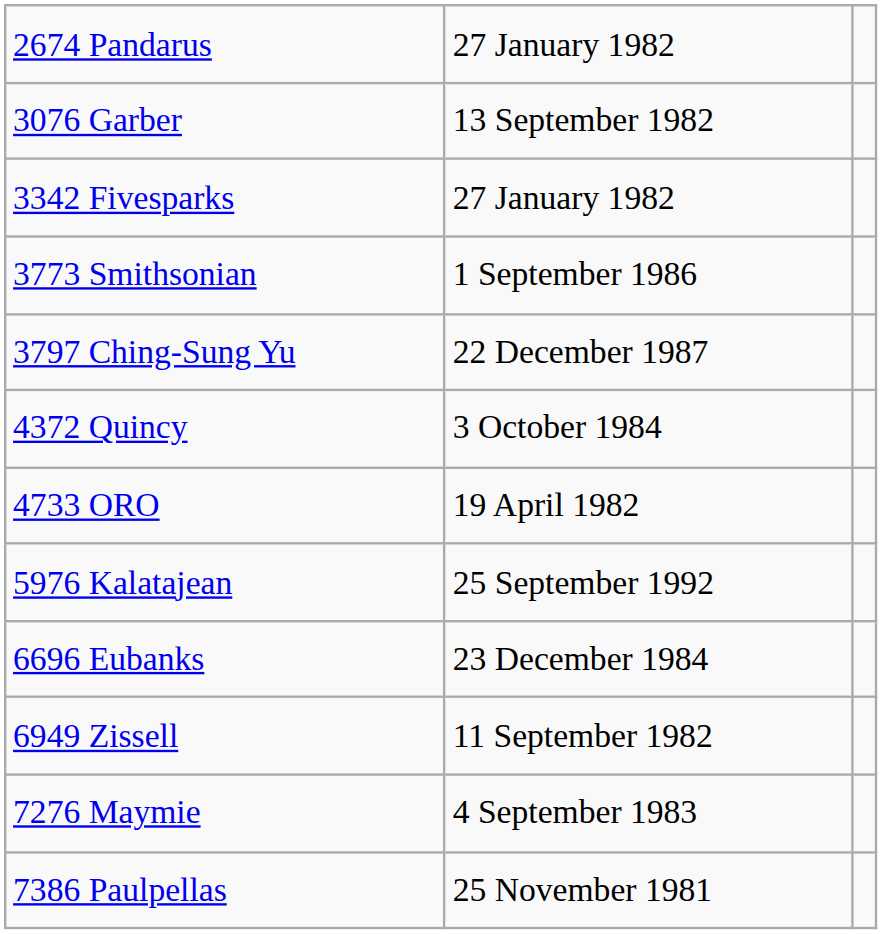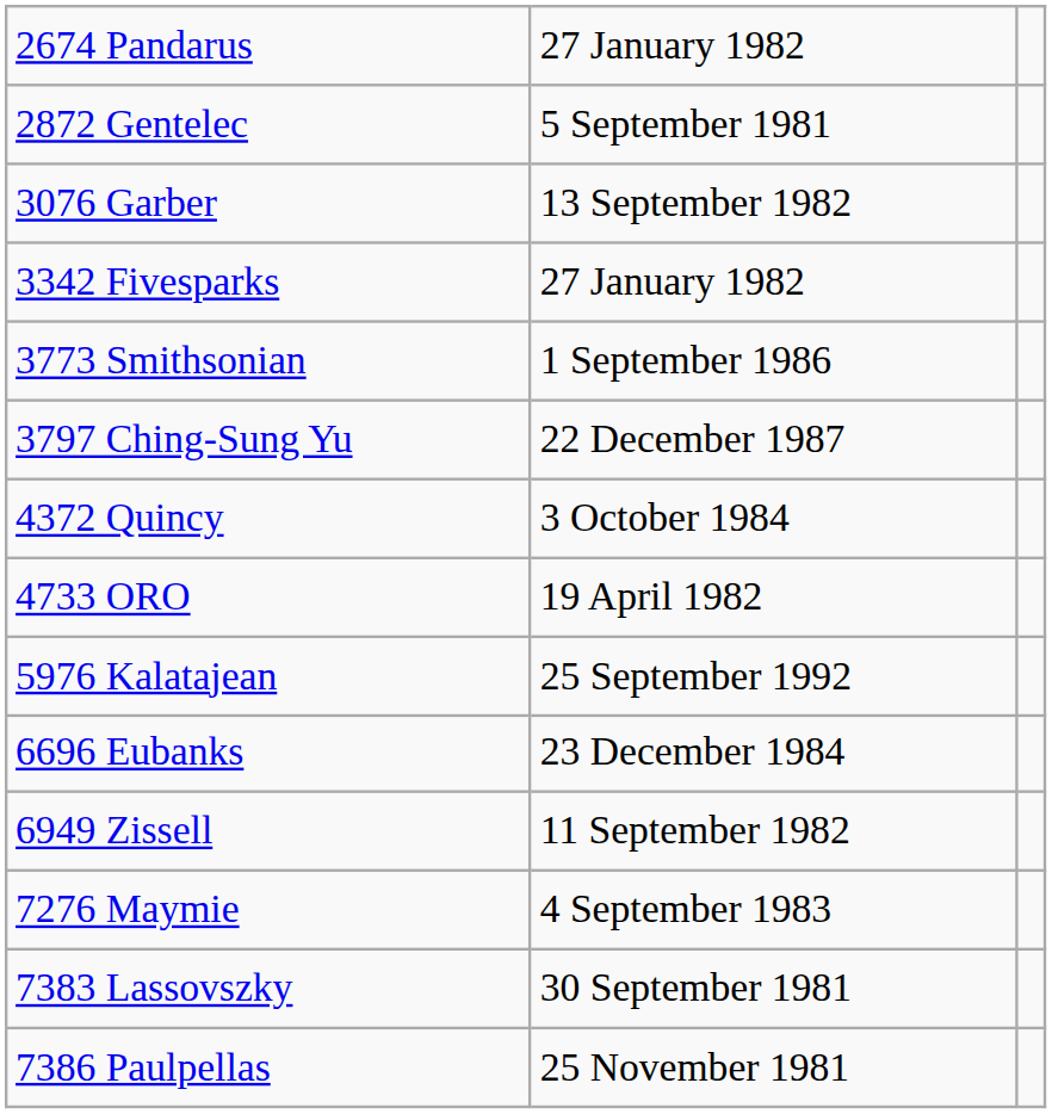 <table class="wikitable" style="font-size: 89%; float: left; width: 26em; margin-right: 1em; height: 392px;">
 <tr>
 <td><a href='#'>2674 Pandarus</a></td>
 <td>27 January 1982</td>
+<td></td>
+</tr>
+<tr>
+<td><a href='#'>2872 Gentelec</a></td>
+<td>5 September 1981</td>
 <td></td>
 </tr>
 <tr>
 <td><a href='#'>3076 Garber</a></td>
 <td>13 September 1982</td>
 <td></td>
 </tr>
 <tr>
 <td><a href='#'>3342 Fivesparks</a></td>
 <td>27 January 1982</td>
 <td></td>
 </tr>
 <tr>
 <td><a href='#'>3773 Smithsonian</a></td>
 <td>1 September 1986</td>
 <td></td>
 </tr>
 <tr>
 <td><a href='#'>3797 Ching-Sung Yu</a></td>
 <td>22 December 1987</td>
 <td></td>
 </tr>
 <tr>
 <td><a href='#'>4372 Quincy</a></td>
 <td>3 October 1984</td>
 <td></td>
 </tr>
 <tr>
 <td><a href='#'>4733 ORO</a></td>
 <td>19 April 1982</td>
 <td></td>
 </tr>
 <tr>
 <td><a href='#'>5976 Kalatajean</a></td>
 <td>25 September 1992</td>
 <td></td>
 </tr>
 <tr>
 <td><a href='#'>6696 Eubanks</a></td>
 <td>23 December 1984</td>
 <td></td>
 </tr>
 <tr>
 <td><a href='#'>6949 Zissell</a></td>
 <td>11 September 1982</td>
 <td></td>
 </tr>
 <tr>
 <td><a href='#'>7276 Maymie</a></td>
 <td>4 September 1983</td>
 <td></td>
 </tr>
 <tr>
+<td><a href='#'>7383 Lassovszky</a></td>
+<td>30 September 1981</td>
+<td></td>
+</tr>
+<tr>
 <td><a href='#'>7386 Paulpellas</a></td>
 <td>25 November 1981</td>
 <td></td>
 </tr>
 </table>
